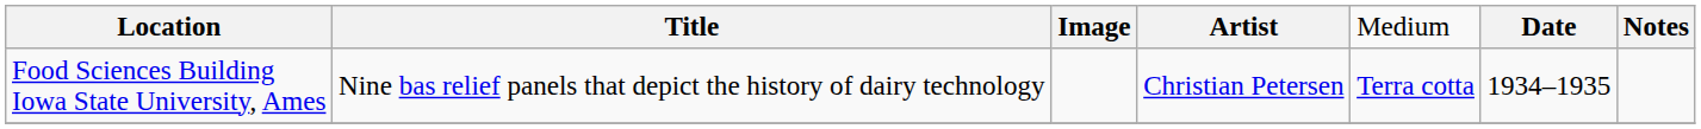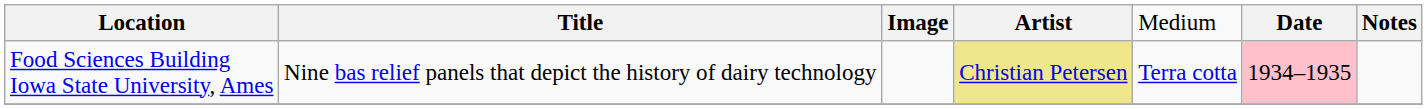 <table class="wikitable sortable">
 <tr>
 <th>Location</th>
 <th>Title</th>
 <th>Image</th>
 <th>Artist</th>
 <td>Medium</td>
 <th>Date</th>
 <th>Notes</th>
 </tr>
 <tr>
 <td><a href='#'>Food Sciences Building</a><br><a href='#'>Iowa State University</a>, <a href='#'>Ames</a></td>
 <td>Nine <a href='#'>bas relief</a> panels that depict the history of dairy technology</td>
 <td></td>
-<td><a href='#'>Christian Petersen</a></td>
+<td style="background: khaki;"><a href='#'>Christian Petersen</a></td>
 <td><a href='#'>Terra cotta</a></td>
-<td>1934–1935</td>
+<td style="background: pink;">1934–1935</td>
 <td></td>
 </tr>
 <tr>
 </tr>
 </table>
